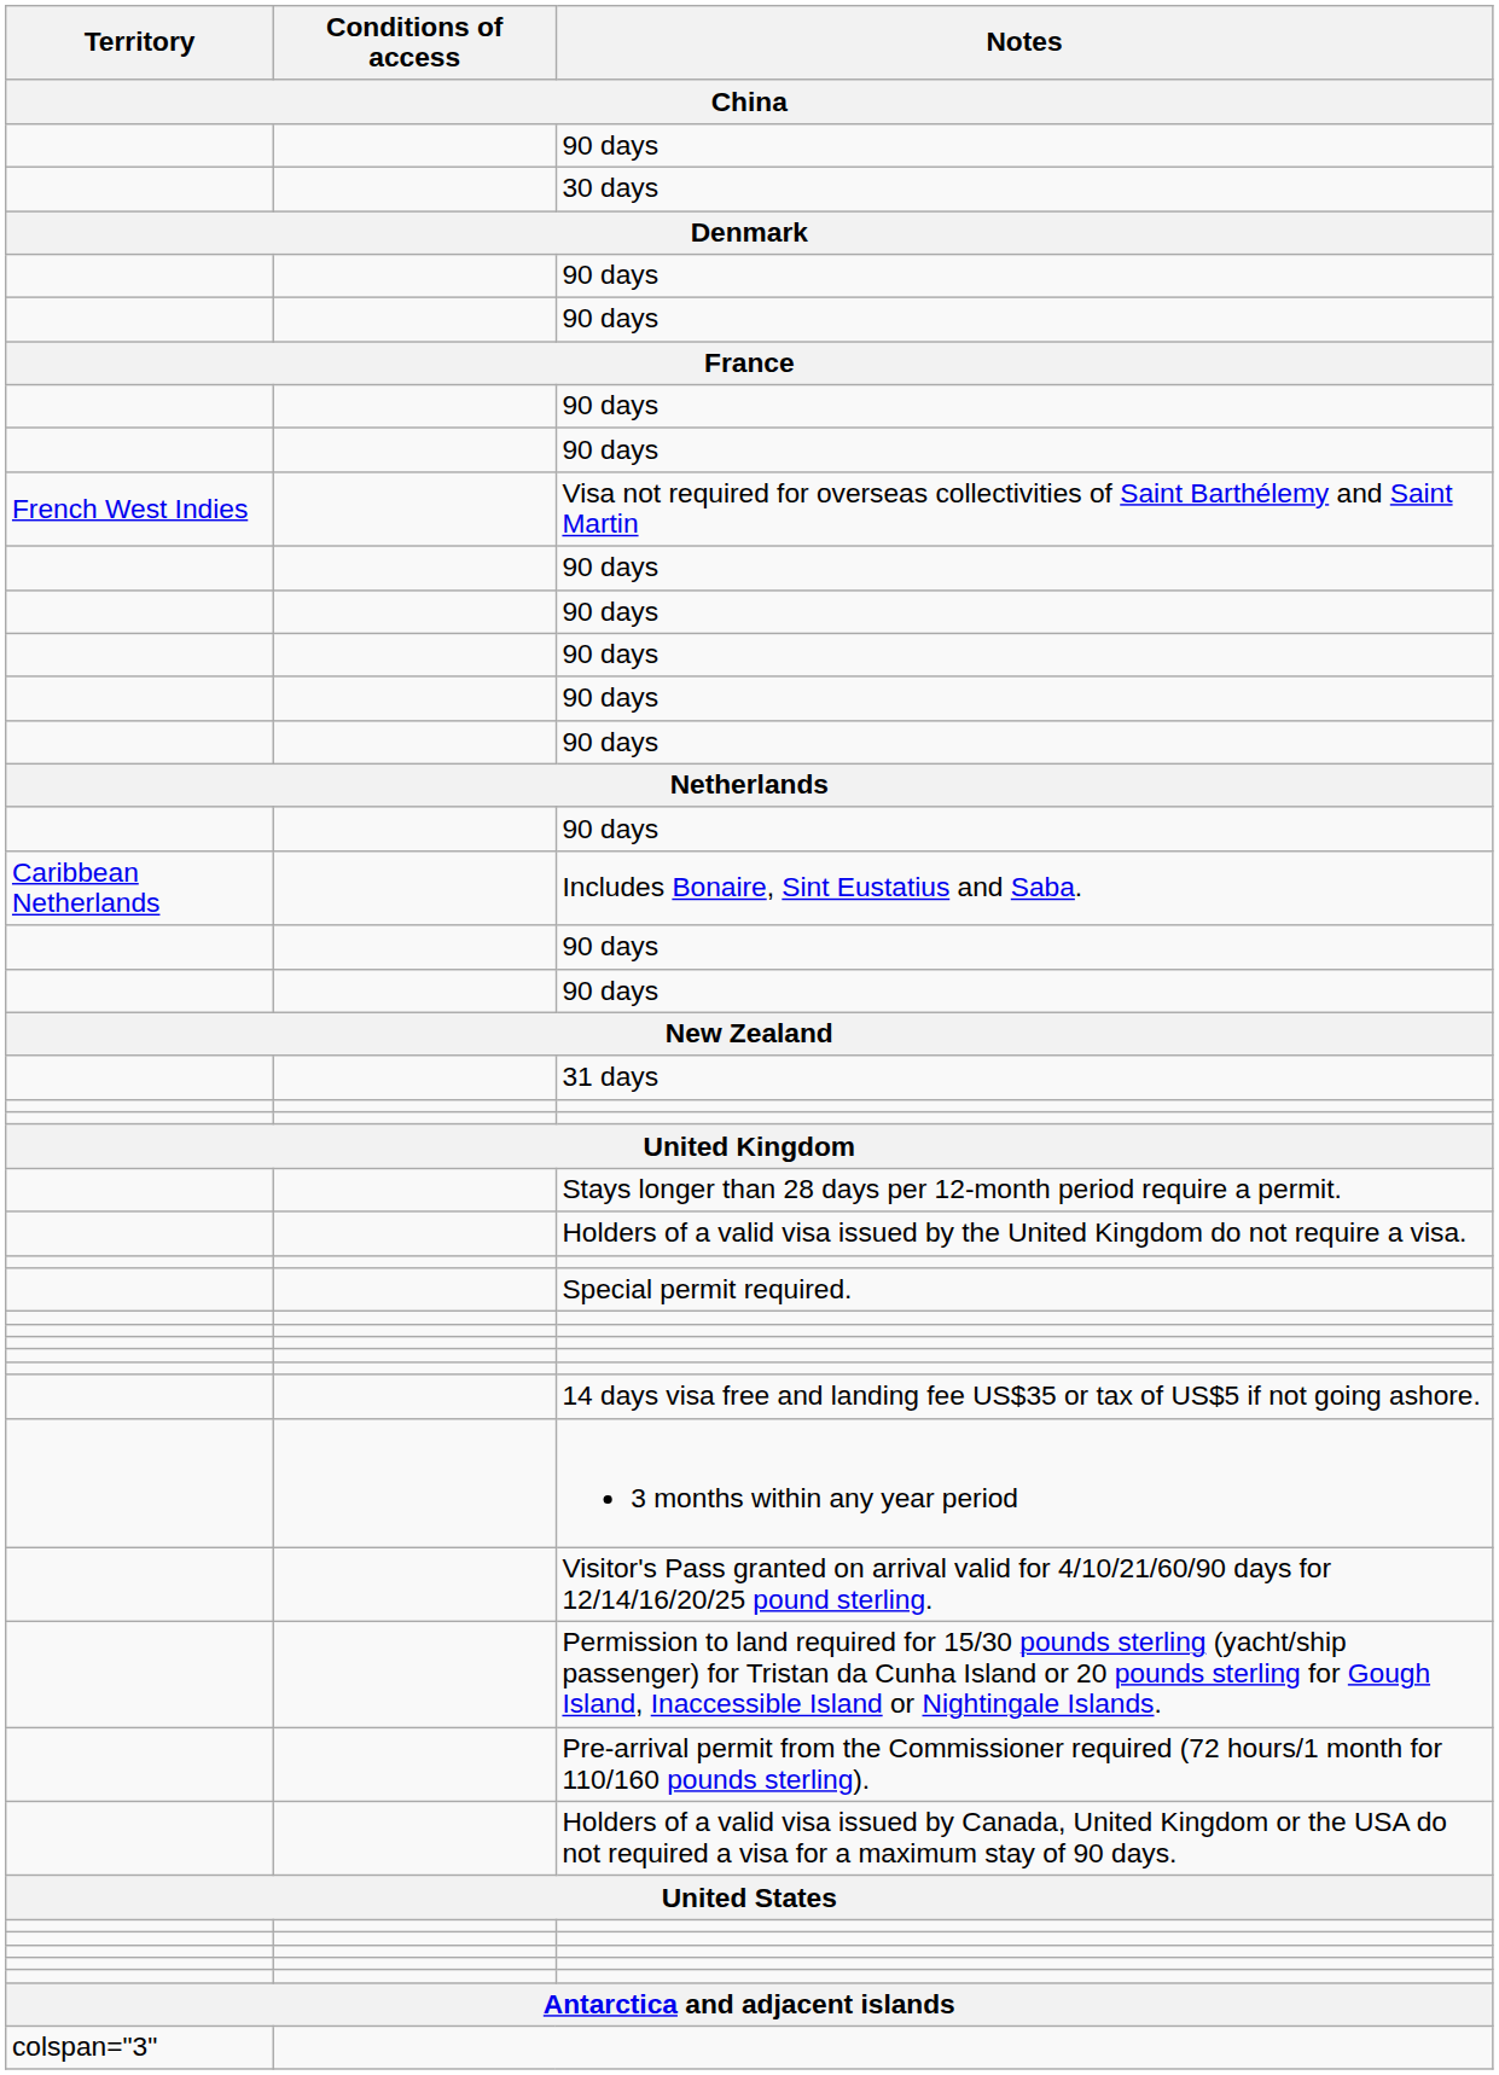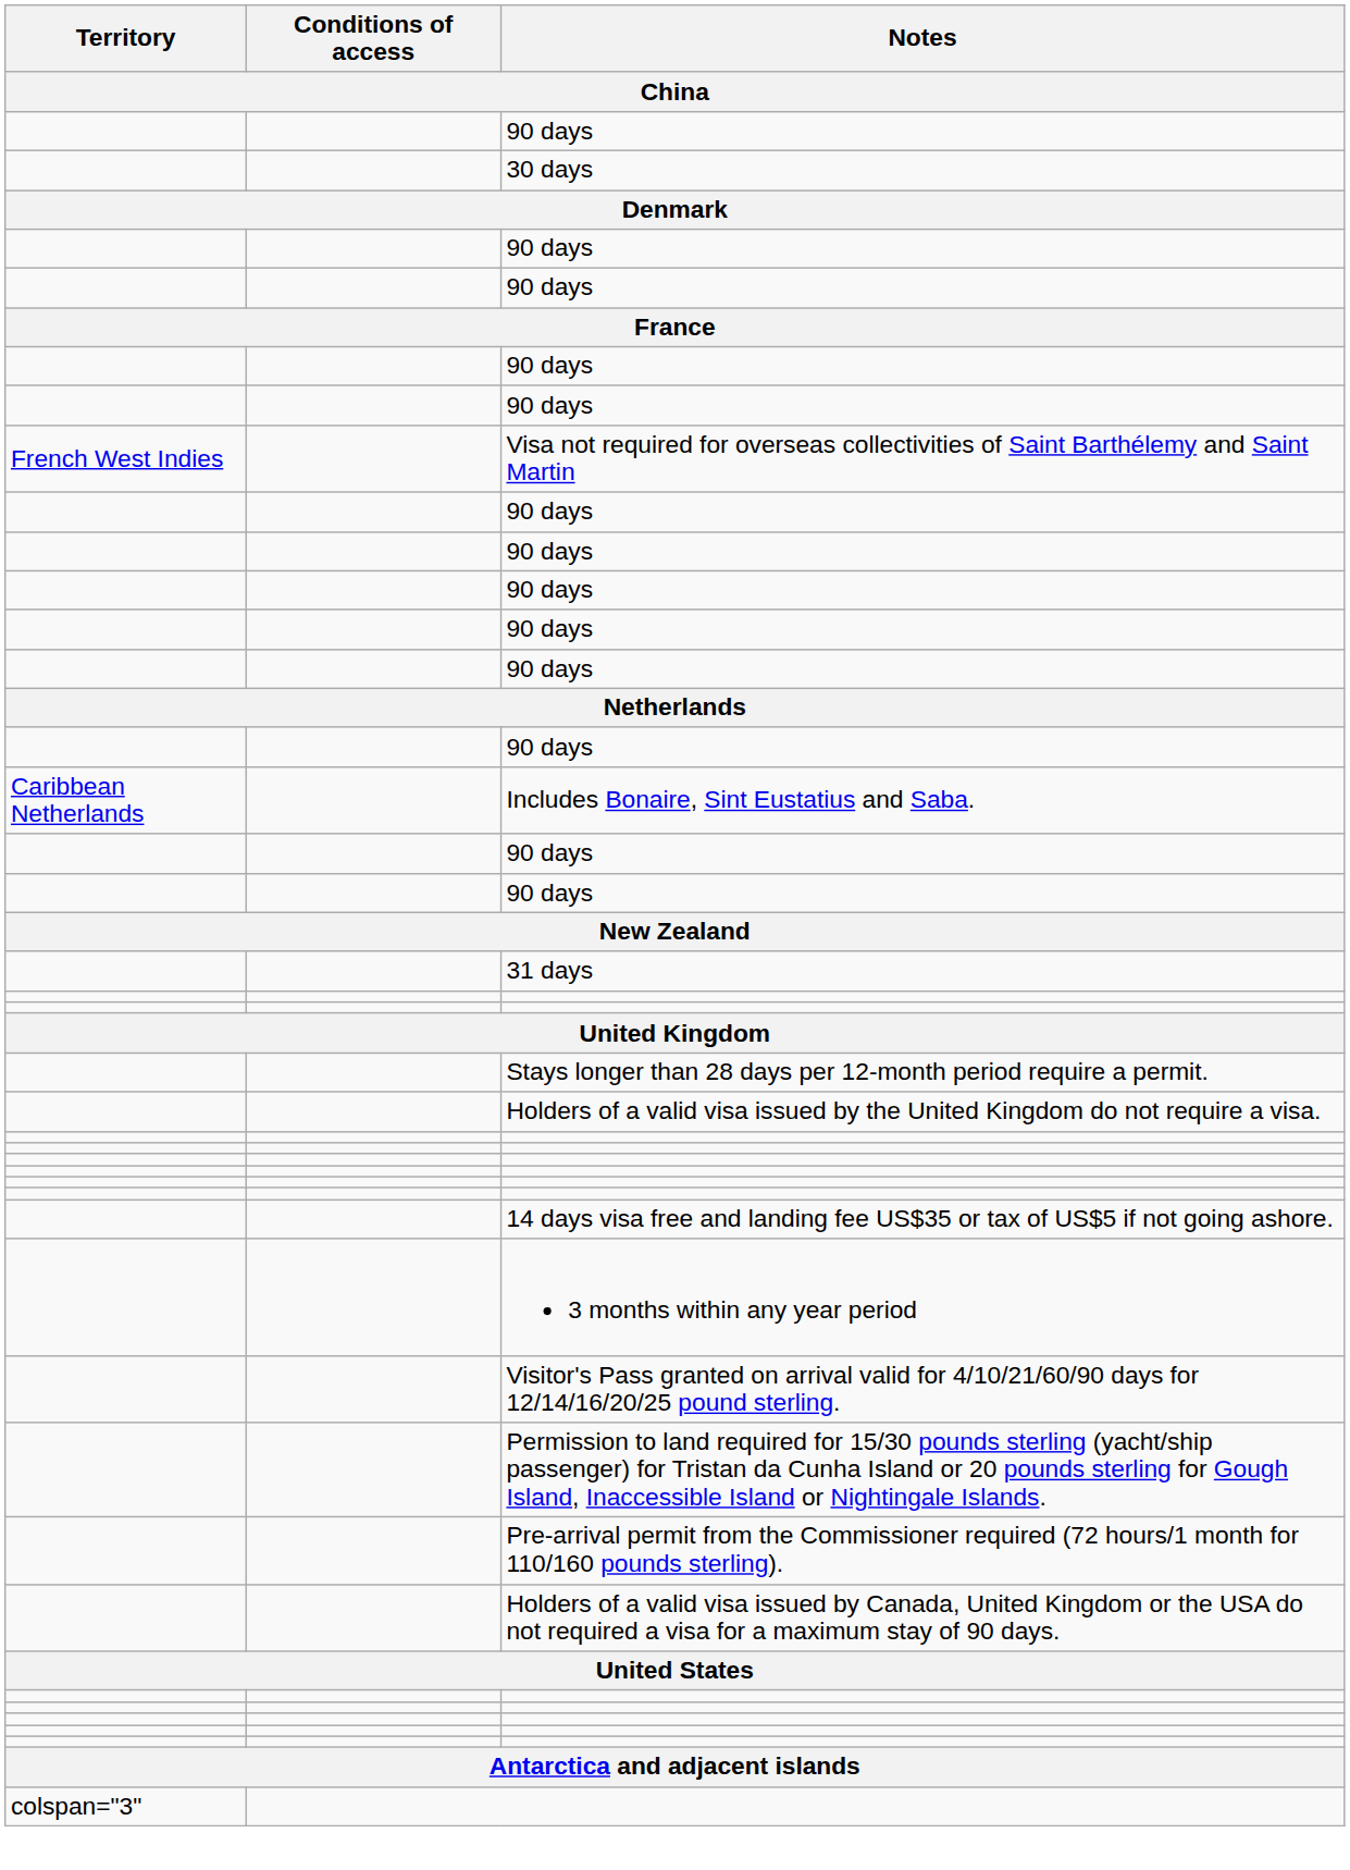 <table class="wikitable" style="text-align: left; table-layout: fixed;">
 <tr>
 <th style="width:18%;">Territory</th>
 <th style="width:19%;">Conditions of access</th>
 <th>Notes</th>
 </tr>
 <tr>
 <th colspan="3">China</th>
 </tr>
 <tr>
 <td></td>
 <td></td>
 <td>90 days</td>
 </tr>
 <tr>
 <td></td>
 <td></td>
 <td>30 days</td>
 </tr>
 <tr>
 <th colspan="3">Denmark</th>
 </tr>
 <tr>
 <td></td>
 <td></td>
 <td>90 days</td>
 </tr>
 <tr>
 <td></td>
 <td></td>
 <td>90 days</td>
 </tr>
 <tr>
 <th colspan="3">France</th>
 </tr>
 <tr>
 <td></td>
 <td></td>
 <td>90 days</td>
 </tr>
 <tr>
 <td></td>
 <td></td>
 <td>90 days</td>
 </tr>
 <tr>
 <td> <a href='#'>French West Indies</a></td>
 <td></td>
 <td>Visa not required for overseas collectivities of <a href='#'>Saint Barthélemy</a> and <a href='#'>Saint Martin</a></td>
 </tr>
 <tr>
 <td></td>
 <td></td>
 <td>90 days</td>
 </tr>
 <tr>
 <td></td>
 <td></td>
 <td>90 days</td>
 </tr>
 <tr>
 <td></td>
 <td></td>
 <td>90 days</td>
 </tr>
 <tr>
 <td></td>
 <td></td>
 <td>90 days</td>
 </tr>
 <tr>
 <td></td>
 <td></td>
 <td>90 days</td>
 </tr>
 <tr>
 <th colspan="3">Netherlands</th>
 </tr>
 <tr>
 <td></td>
 <td></td>
 <td>90 days</td>
 </tr>
 <tr>
 <td> <a href='#'>Caribbean Netherlands</a></td>
 <td></td>
 <td>Includes <a href='#'>Bonaire</a>, <a href='#'>Sint Eustatius</a> and <a href='#'>Saba</a>.</td>
 </tr>
 <tr>
 <td></td>
 <td></td>
 <td>90 days</td>
 </tr>
 <tr>
 <td></td>
 <td></td>
 <td>90 days</td>
 </tr>
 <tr>
 <th colspan="3">New Zealand</th>
 </tr>
 <tr>
 <td></td>
 <td></td>
 <td>31 days</td>
 </tr>
 <tr>
 <td></td>
 <td></td>
 <td></td>
 </tr>
 <tr>
 <td></td>
 <td></td>
 <td></td>
 </tr>
 <tr>
 <th colspan="3">United Kingdom</th>
 </tr>
 <tr>
 <td></td>
 <td></td>
 <td>Stays longer than 28 days per 12-month period require a permit.</td>
 </tr>
 <tr>
 <td></td>
 <td></td>
 <td>Holders of a valid visa issued by the United Kingdom do not require a visa.</td>
 </tr>
 <tr>
 <td></td>
 <td></td>
 <td></td>
 </tr>
 <tr>
 <td></td>
 <td></td>
-<td>Special permit required.</td>
-</tr>
-<tr>
-<td></td>
-<td></td>
 <td></td>
 </tr>
 <tr>
 <td></td>
 <td></td>
 <td></td>
 </tr>
 <tr>
 <td></td>
 <td></td>
 <td></td>
 </tr>
 <tr>
 <td></td>
 <td></td>
 <td></td>
 </tr>
 <tr>
 <td></td>
 <td></td>
 <td></td>
 </tr>
 <tr>
 <td></td>
 <td></td>
 <td>14 days visa free and landing fee US$35 or tax of US$5 if not going ashore.</td>
 </tr>
 <tr>
 <td></td>
 <td></td>
 <td><br><ul><li>3 months within any year period</li></ul></td>
 </tr>
 <tr>
 <td></td>
 <td></td>
 <td>Visitor's Pass granted on arrival valid for 4/10/21/60/90 days for 12/14/16/20/25 <a href='#'>pound sterling</a>.</td>
 </tr>
 <tr>
 <td></td>
 <td></td>
 <td>Permission to land required for 15/30 <a href='#'>pounds sterling</a> (yacht/ship passenger) for Tristan da Cunha Island or 20 <a href='#'>pounds sterling</a> for <a href='#'>Gough Island</a>, <a href='#'>Inaccessible Island</a> or <a href='#'>Nightingale Islands</a>.</td>
 </tr>
 <tr>
 <td></td>
 <td></td>
 <td>Pre-arrival permit from the Commissioner required (72 hours/1 month for 110/160 <a href='#'>pounds sterling</a>).</td>
 </tr>
 <tr>
 <td></td>
 <td></td>
 <td>Holders of a valid visa issued by Canada, United Kingdom or the USA do not required a visa for a maximum stay of 90 days.</td>
 </tr>
 <tr>
 <th colspan="3">United States</th>
 </tr>
 <tr>
 <td></td>
 <td></td>
 <td></td>
 </tr>
 <tr>
 <td></td>
 <td></td>
 <td></td>
 </tr>
 <tr>
 <td></td>
 <td></td>
 <td></td>
 </tr>
 <tr>
 <td></td>
 <td></td>
 <td></td>
 </tr>
 <tr>
 <td></td>
 <td></td>
 <td></td>
 </tr>
 <tr>
 <th colspan="3"><a href='#'>Antarctica</a> and adjacent islands</th>
 </tr>
 <tr>
 <td>colspan="3" </td>
 </tr>
 </table>
